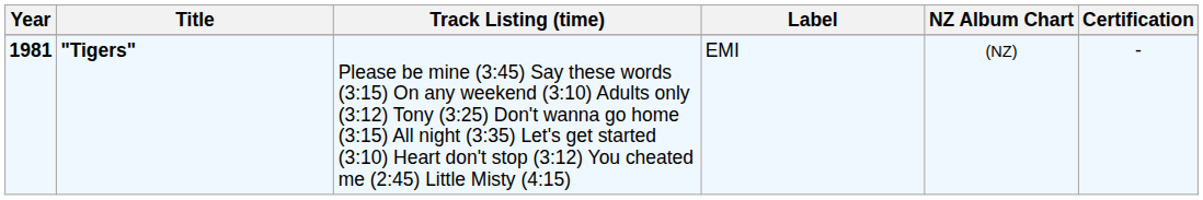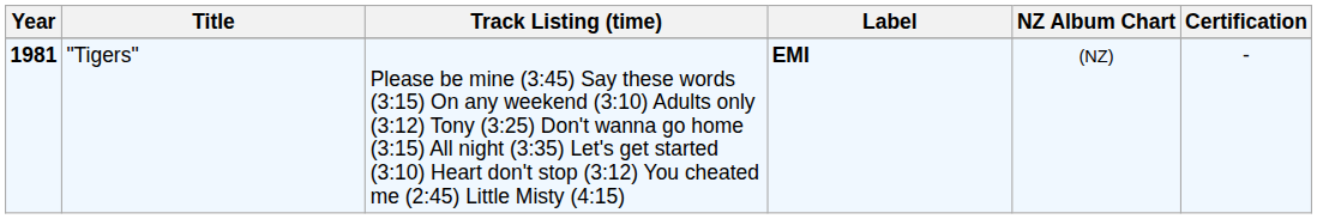 <table class="wikitable"|width=100%>
 <tr>
 <th>Year</th>
 <th width="225">Title</th>
 <th width="300">Track Listing (time)</th>
 <th width="180">Label</th>
 <th>NZ Album Chart</th>
 <th width="50">Certification</th>
 </tr>
 <tr>
 </tr>
 <tr bgcolor="#F0F8FF">
 <td align="left" valign="top"><strong>1981</strong></td>
-<td align="left" valign="top"><strong>"Tigers"</strong></td>
+<td align="left" valign="top">"Tigers"</td>
 <td align="left" valign="top"><br>Please be mine (3:45) Say these words (3:15) On any weekend (3:10) Adults only (3:12) Tony (3:25) Don't wanna go home (3:15) All night (3:35) Let's get started (3:10) Heart don't stop (3:12) You cheated me (2:45) Little Misty (4:15)</td>
-<td align="left" valign="top">EMI</td>
+<td align="left" valign="top"><strong>EMI</strong></td>
 <td align="center" valign="top"><small>(NZ)</small></td>
 <td align="center" valign="top">-</td>
 </tr>
 </table>
